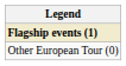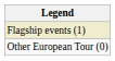 <table class="wikitable" style="font-size:95%;">
 <tr>
 <th>Legend</th>
 </tr>
 <tr style="background:#f2ecce;">
-<td><strong>Flagship events (1)</strong></td>
+<td>Flagship events (1)</td>
 </tr>
 <tr>
 <td>Other European Tour (0)</td>
 </tr>
 </table>
